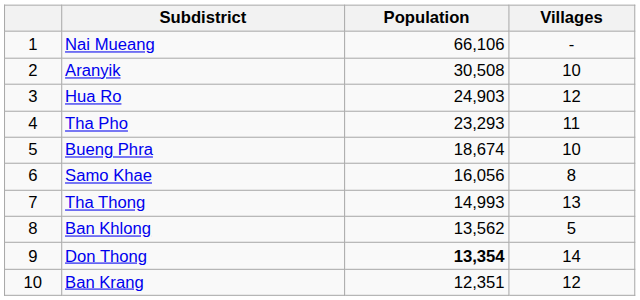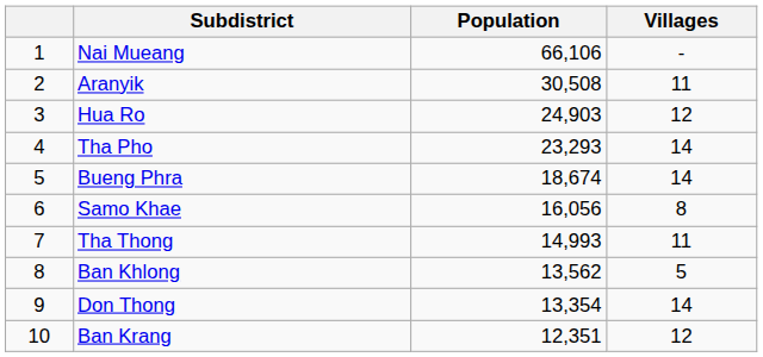 <table class="wikitable" style="width:48%; display:inline-table;">
 <tr>
 <th scope="col" style="width:9%;"> </th>
 <th scope="col" style="width:45%;">Subdistrict</th>
 <th scope="col" style="width:26%;">Population</th>
 <th scope="col" style="width:20%;">Villages</th>
 </tr>
 <tr>
 <td style="text-align:center;">1</td>
 <td><a href='#'>Nai Mueang</a></td>
 <td style="text-align:right;">66,106</td>
 <td style="text-align:center;">-</td>
 </tr>
 <tr>
 <td style="text-align:center;">2</td>
 <td><a href='#'>Aranyik</a></td>
 <td style="text-align:right;">30,508</td>
-<td style="text-align:center;">10</td>
+<td style="text-align:center;">11</td>
 </tr>
 <tr>
 <td style="text-align:center;">3</td>
 <td><a href='#'>Hua Ro</a></td>
 <td style="text-align:right;">24,903</td>
 <td style="text-align:center;">12</td>
 </tr>
 <tr>
 <td style="text-align:center;">4</td>
 <td><a href='#'>Tha Pho</a></td>
 <td style="text-align:right;">23,293</td>
-<td style="text-align:center;">11</td>
+<td style="text-align:center;">14</td>
 </tr>
 <tr>
 <td style="text-align:center;">5</td>
 <td><a href='#'>Bueng Phra</a></td>
 <td style="text-align:right;">18,674</td>
-<td style="text-align:center;">10</td>
+<td style="text-align:center;">14</td>
 </tr>
 <tr>
 <td style="text-align:center;">6</td>
 <td><a href='#'>Samo Khae</a></td>
 <td style="text-align:right;">16,056</td>
 <td style="text-align:center;">8</td>
 </tr>
 <tr>
 <td style="text-align:center;">7</td>
 <td><a href='#'>Tha Thong</a></td>
 <td style="text-align:right;">14,993</td>
-<td style="text-align:center;">13</td>
+<td style="text-align:center;">11</td>
 </tr>
 <tr>
 <td style="text-align:center;">8</td>
 <td><a href='#'>Ban Khlong</a></td>
 <td style="text-align:right;">13,562</td>
 <td style="text-align:center;">5</td>
 </tr>
 <tr>
 <td style="text-align:center;">9</td>
 <td><a href='#'>Don Thong</a></td>
-<td style="text-align:right;"><strong>13,354</strong></td>
+<td style="text-align:right;">13,354</td>
 <td style="text-align:center;">14</td>
 </tr>
 <tr>
 <td style="text-align:center;">10</td>
 <td><a href='#'>Ban Krang</a></td>
 <td style="text-align:right;">12,351</td>
 <td style="text-align:center;">12</td>
 </tr>
 </table>
